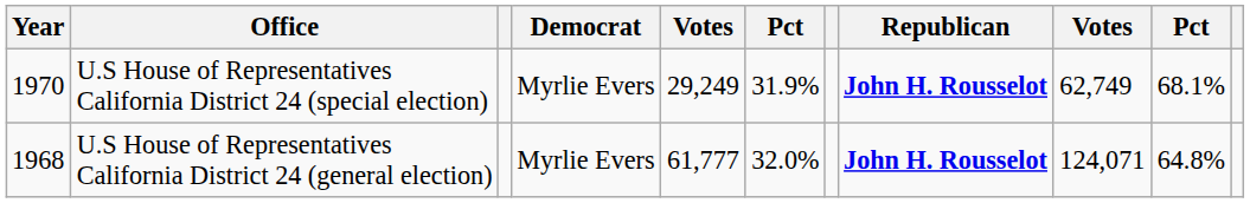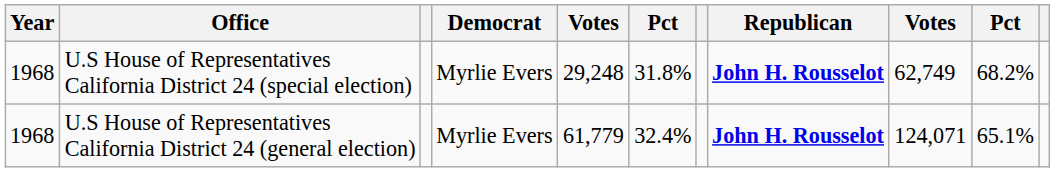 <table class="wikitable" style="margin:0.5em ; font-size:95%">
 <tr>
 <th>Year</th>
 <th>Office</th>
 <th></th>
 <th>Democrat</th>
 <th>Votes</th>
 <th>Pct</th>
 <th></th>
 <th>Republican</th>
 <th>Votes</th>
 <th>Pct</th>
 <th></th>
 </tr>
 <tr>
-<td>1970</td>
+<td>1968</td>
 <td>U.S House of Representatives<br> California District 24 (special election)</td>
 <td></td>
 <td>Myrlie Evers</td>
-<td>29,249</td>
-<td>31.9%</td>
+<td>29,248</td>
+<td>31.8%</td>
 <td></td>
 <td><strong><a href='#'>John H. Rousselot</a></strong></td>
 <td>62,749</td>
-<td>68.1%</td>
+<td>68.2%</td>
 <td></td>
 </tr>
 <tr>
 <td>1968</td>
 <td>U.S House of Representatives<br> California District 24 (general election)</td>
 <td></td>
 <td>Myrlie Evers</td>
-<td>61,777</td>
-<td>32.0%</td>
+<td>61,779</td>
+<td>32.4%</td>
 <td></td>
 <td><strong><a href='#'>John H. Rousselot</a></strong></td>
 <td>124,071</td>
-<td>64.8%</td>
+<td>65.1%</td>
 <td></td>
 </tr>
 </table>
